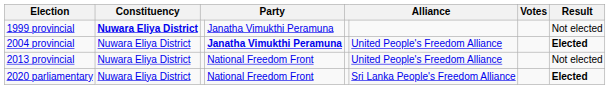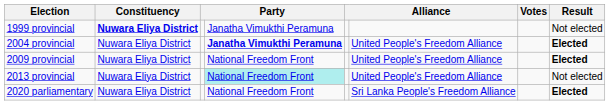 <table class="wikitable" style="text-align:left;">
 <tr>
 <th scope=col>Election</th>
 <th scope=col>Constituency</th>
 <th scope=col colspan="2">Party</th>
 <th scope=col colspan="2">Alliance</th>
 <th scope=col>Votes</th>
 <th scope=col>Result</th>
 </tr>
 <tr>
 <td><a href='#'>1999 provincial</a></td>
 <td><strong><a href='#'>Nuwara Eliya District</a></strong></td>
 <td style="background:"></td>
 <td><a href='#'>Janatha Vimukthi Peramuna</a></td>
 <td></td>
 <td></td>
 <td align=right></td>
 <td>Not elected</td>
 </tr>
 <tr>
 <td><a href='#'>2004 provincial</a></td>
 <td><a href='#'>Nuwara Eliya District</a></td>
 <td style="background:"></td>
 <td><strong><a href='#'>Janatha Vimukthi Peramuna</a></strong></td>
 <td style="background:"></td>
 <td><a href='#'>United People's Freedom Alliance</a></td>
 <td align=right></td>
 <td><strong>Elected</strong></td>
 </tr>
 <tr>
+<td><a href='#'>2009 provincial</a></td>
+<td><a href='#'>Nuwara Eliya District</a></td>
+<td style="background:"></td>
+<td><a href='#'>National Freedom Front</a></td>
+<td style="background:"></td>
+<td><a href='#'>United People's Freedom Alliance</a></td>
+<td align=right></td>
+<td><strong>Elected</strong></td>
+</tr>
+<tr>
 <td><a href='#'>2013 provincial</a></td>
 <td><a href='#'>Nuwara Eliya District</a></td>
 <td style="background:"></td>
-<td><a href='#'>National Freedom Front</a></td>
+<td style="background: paleturquoise;"><a href='#'>National Freedom Front</a></td>
 <td style="background:"></td>
 <td><a href='#'>United People's Freedom Alliance</a></td>
 <td align=right></td>
 <td>Not elected</td>
 </tr>
 <tr>
 <td><a href='#'>2020 parliamentary</a></td>
 <td><a href='#'>Nuwara Eliya District</a></td>
 <td style="background:"></td>
 <td><a href='#'>National Freedom Front</a></td>
 <td style="background:"></td>
 <td><a href='#'>Sri Lanka People's Freedom Alliance</a></td>
 <td align=right></td>
 <td><strong>Elected</strong></td>
 </tr>
 </table>
